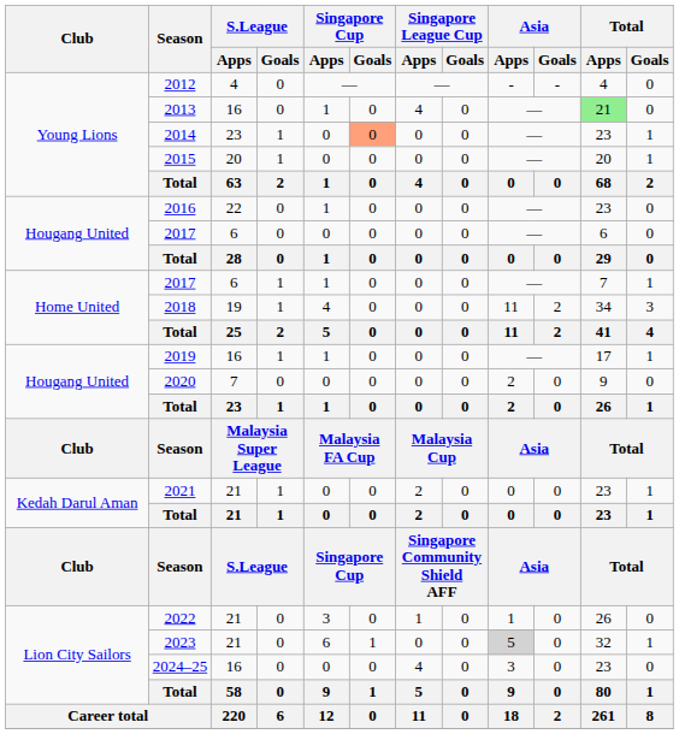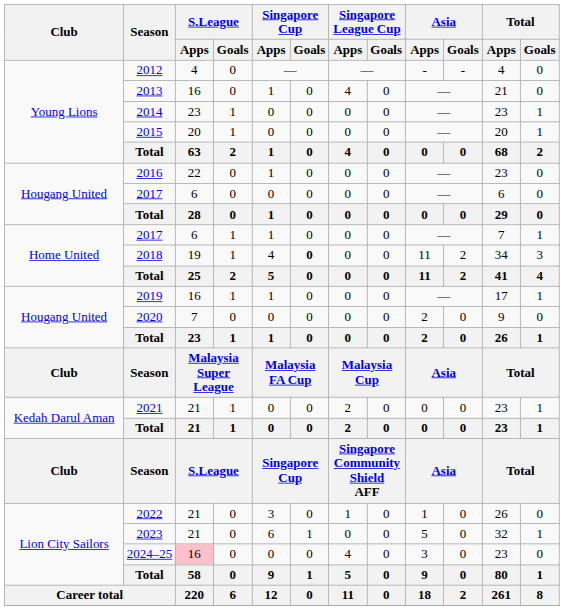 <table class="wikitable" style="text-align:center">
 <tr>
 <th rowspan=2 width=140>Club</th>
 <th rowspan=2>Season</th>
 <th colspan=2><a href='#'>S.League</a></th>
 <th colspan=2><a href='#'>Singapore Cup</a></th>
 <th colspan=2><a href='#'>Singapore<br>League Cup</a></th>
 <th colspan="2"><a href='#'>Asia</a></th>
 <th colspan=2>Total</th>
 </tr>
 <tr>
 <th width=40>Apps</th>
 <th width=40>Goals</th>
 <th width=40>Apps</th>
 <th width=40>Goals</th>
 <th width=40>Apps</th>
 <th width=40>Goals</th>
 <th width=40>Apps</th>
 <th width=40>Goals</th>
 <th width=40>Apps</th>
 <th width=40>Goals</th>
 </tr>
 <tr>
 <td rowspan=5><a href='#'>Young Lions</a></td>
 <td><a href='#'>2012</a></td>
 <td>4</td>
 <td>0</td>
 <td colspan=2>—</td>
 <td colspan='2'>—</td>
 <td>-</td>
 <td>-</td>
 <td>4</td>
 <td>0</td>
 </tr>
 <tr>
 <td><a href='#'>2013</a></td>
 <td>16</td>
 <td>0</td>
 <td>1</td>
 <td>0</td>
 <td>4</td>
 <td>0</td>
 <td colspan='2'>—</td>
-<td style="background: lightgreen;">21</td>
+<td>21</td>
 <td>0</td>
 </tr>
 <tr>
 <td><a href='#'>2014</a></td>
 <td>23</td>
 <td>1</td>
 <td>0</td>
-<td style="background: lightsalmon;">0</td>
+<td>0</td>
 <td>0</td>
 <td>0</td>
 <td colspan='2'>—</td>
 <td>23</td>
 <td>1</td>
 </tr>
 <tr>
 <td><a href='#'>2015</a></td>
 <td>20</td>
 <td>1</td>
 <td>0</td>
 <td>0</td>
 <td>0</td>
 <td>0</td>
 <td colspan='2'>—</td>
 <td>20</td>
 <td>1</td>
 </tr>
 <tr>
 <th>Total</th>
 <th>63</th>
 <th>2</th>
 <th>1</th>
 <th>0</th>
 <th>4</th>
 <th>0</th>
 <th>0</th>
 <th>0</th>
 <th>68</th>
 <th>2</th>
 </tr>
 <tr>
 <td rowspan="3"><a href='#'>Hougang United</a></td>
 <td><a href='#'>2016</a></td>
 <td>22</td>
 <td>0</td>
 <td>1</td>
 <td>0</td>
 <td>0</td>
 <td>0</td>
 <td colspan="2">—</td>
 <td>23</td>
 <td>0</td>
 </tr>
 <tr>
 <td><a href='#'>2017</a></td>
 <td>6</td>
 <td>0</td>
 <td>0</td>
 <td>0</td>
 <td>0</td>
 <td>0</td>
 <td colspan='2'>—</td>
 <td>6</td>
 <td>0</td>
 </tr>
 <tr>
 <th>Total</th>
 <th>28</th>
 <th>0</th>
 <th>1</th>
 <th>0</th>
 <th>0</th>
 <th>0</th>
 <th>0</th>
 <th>0</th>
 <th>29</th>
 <th>0</th>
 </tr>
 <tr>
 <td rowspan="3"><a href='#'>Home United</a></td>
 <td><a href='#'>2017</a></td>
 <td>6</td>
 <td>1</td>
 <td>1</td>
 <td>0</td>
 <td>0</td>
 <td>0</td>
 <td colspan="2">—</td>
 <td>7</td>
 <td>1</td>
 </tr>
 <tr>
 <td><a href='#'>2018</a></td>
 <td>19</td>
 <td>1</td>
 <td>4</td>
-<td>0</td>
+<td><strong>0</strong></td>
 <td>0</td>
 <td>0</td>
 <td>11</td>
 <td>2</td>
 <td>34</td>
 <td>3</td>
 </tr>
 <tr>
 <th>Total</th>
 <th>25</th>
 <th>2</th>
 <th>5</th>
 <th>0</th>
 <th>0</th>
 <th>0</th>
 <th>11</th>
 <th>2</th>
 <th>41</th>
 <th>4</th>
 </tr>
 <tr>
 <td rowspan="3"><a href='#'>Hougang United</a></td>
 <td><a href='#'>2019</a></td>
 <td>16</td>
 <td>1</td>
 <td>1</td>
 <td>0</td>
 <td>0</td>
 <td>0</td>
 <td colspan="2">—</td>
 <td>17</td>
 <td>1</td>
 </tr>
 <tr>
 <td><a href='#'>2020</a></td>
 <td>7</td>
 <td>0</td>
 <td>0</td>
 <td>0</td>
 <td>0</td>
 <td>0</td>
 <td>2</td>
 <td>0</td>
 <td>9</td>
 <td>0</td>
 </tr>
 <tr>
 <th>Total</th>
 <th>23</th>
 <th>1</th>
 <th>1</th>
 <th>0</th>
 <th>0</th>
 <th>0</th>
 <th>2</th>
 <th>0</th>
 <th>26</th>
 <th>1</th>
 </tr>
 <tr>
 <th>Club</th>
 <th>Season</th>
 <th colspan="2"><a href='#'>Malaysia<br>Super League</a></th>
 <th colspan="2"><a href='#'>Malaysia<br>FA Cup</a></th>
 <th colspan="2"><a href='#'>Malaysia Cup</a></th>
 <th colspan="2"><a href='#'>Asia</a></th>
 <th colspan="2">Total</th>
 </tr>
 <tr>
 <td rowspan="2"><a href='#'>Kedah Darul Aman</a></td>
 <td><a href='#'>2021</a></td>
 <td>21</td>
 <td>1</td>
 <td>0</td>
 <td>0</td>
 <td>2</td>
 <td>0</td>
 <td>0</td>
 <td>0</td>
 <td>23</td>
 <td>1</td>
 </tr>
 <tr>
 <th>Total</th>
 <th>21</th>
 <th>1</th>
 <th>0</th>
 <th>0</th>
 <th>2</th>
 <th>0</th>
 <th>0</th>
 <th>0</th>
 <th>23</th>
 <th>1</th>
 </tr>
 <tr>
 <th>Club</th>
 <th>Season</th>
 <th colspan="2"><a href='#'>S.League</a></th>
 <th colspan="2"><a href='#'>Singapore Cup</a></th>
 <th colspan="2"><a href='#'>Singapore Community Shield</a> <br> AFF</th>
 <th colspan="2"><a href='#'>Asia</a></th>
 <th colspan="2">Total</th>
 </tr>
 <tr>
 <td rowspan="4"><a href='#'>Lion City Sailors</a></td>
 <td><a href='#'>2022</a></td>
 <td>21</td>
 <td>0</td>
 <td>3</td>
 <td>0</td>
 <td>1</td>
 <td>0</td>
 <td>1</td>
 <td>0</td>
 <td>26</td>
 <td>0</td>
 </tr>
 <tr>
 <td><a href='#'>2023</a></td>
 <td>21</td>
 <td>0</td>
 <td>6</td>
 <td>1</td>
 <td>0</td>
 <td>0</td>
-<td style="background: lightgrey;">5</td>
+<td>5</td>
 <td>0</td>
 <td>32</td>
 <td>1</td>
 </tr>
 <tr>
 <td><a href='#'>2024–25</a></td>
-<td>16</td>
+<td style="background: pink;">16</td>
 <td>0</td>
 <td>0</td>
 <td>0</td>
 <td>4</td>
 <td>0</td>
 <td>3</td>
 <td>0</td>
 <td>23</td>
 <td>0</td>
 </tr>
 <tr>
 <th>Total</th>
 <th>58</th>
 <th>0</th>
 <th>9</th>
 <th>1</th>
 <th>5</th>
 <th>0</th>
 <th>9</th>
 <th>0</th>
 <th>80</th>
 <th>1</th>
 </tr>
 <tr>
 <th colspan="2">Career total</th>
 <th>220</th>
 <th>6</th>
 <th>12</th>
 <th>0</th>
 <th>11</th>
 <th>0</th>
 <th>18</th>
 <th>2</th>
 <th>261</th>
 <th>8</th>
 </tr>
 <tr>
 </tr>
 </table>
